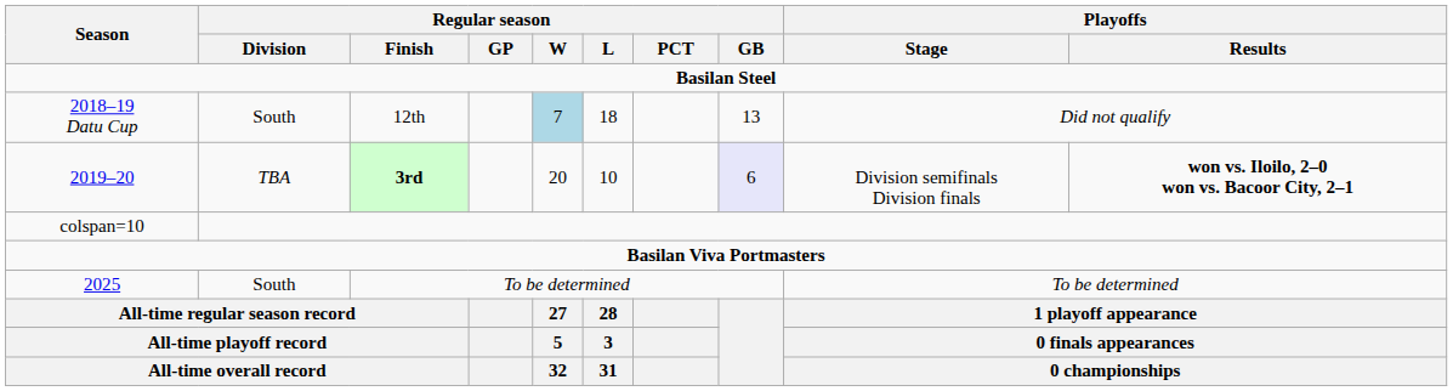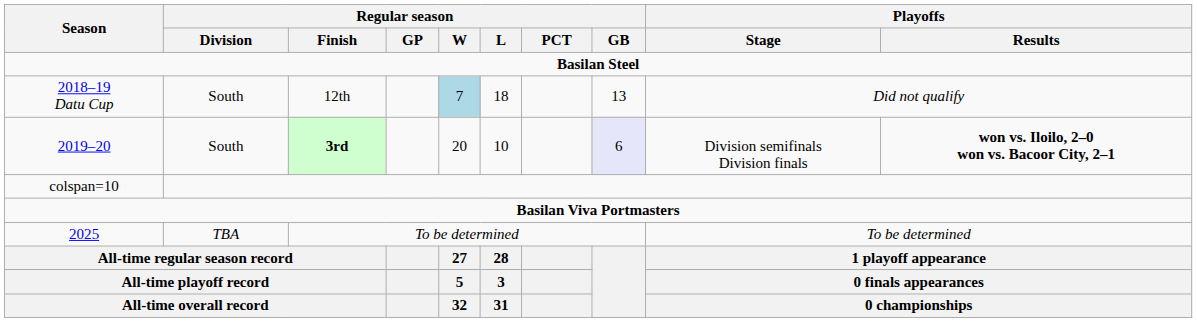 <table class=wikitable style="width:100%; text-align:center">
 <tr>
 <th rowspan="2">Season</th>
 <th colspan="7">Regular season</th>
 <th colspan="2">Playoffs</th>
 </tr>
 <tr>
 <th>Division</th>
 <th>Finish</th>
 <th>GP</th>
 <th>W</th>
 <th>L</th>
 <th>PCT</th>
 <th>GB</th>
 <th>Stage</th>
 <th>Results</th>
 </tr>
 <tr>
 <td colspan=10><span><strong>Basilan Steel</strong></span></td>
 </tr>
 <tr>
 <td><a href='#'>2018–19</a> <br> <em>Datu Cup</em></td>
 <td>South</td>
 <td>12th</td>
 <td></td>
 <td style="background: lightblue;">7</td>
 <td>18</td>
 <td></td>
 <td>13</td>
 <td colspan="2"><em>Did not qualify</em></td>
 </tr>
 <tr>
 <td><a href='#'>2019–20</a> <br> </td>
-<td><em>TBA</em></td>
+<td>South</td>
 <td bgcolor="#CFFFCF"><strong>3rd</strong></td>
 <td></td>
 <td>20</td>
 <td>10</td>
 <td></td>
 <td style="background: lavender;">6</td>
 <td> <br> Division semifinals <br> Division finals</td>
 <td><strong>won vs. Iloilo, 2–0</strong> <br> <strong>won vs. Bacoor City, 2–1</strong> <br> </td>
 </tr>
 <tr>
 <td>colspan=10 </td>
 </tr>
 <tr>
 <td colspan=10><span><strong>Basilan Viva Portmasters</strong></span></td>
 </tr>
 <tr>
 <td><a href='#'>2025</a></td>
-<td>South</td>
+<td><em>TBA</em></td>
 <td colspan=6><em>To be determined</em></td>
 <td colspan=2><em>To be determined</em></td>
 </tr>
 <tr>
 <th colspan=3>All-time regular season record</th>
 <th></th>
 <th>27</th>
 <th>28</th>
 <th></th>
 <th rowspan=3></th>
 <th colspan=2>1 playoff appearance</th>
 </tr>
 <tr>
 <th colspan=3>All-time playoff record</th>
 <th></th>
 <th>5</th>
 <th>3</th>
 <th></th>
 <th colspan=2>0 finals appearances</th>
 </tr>
 <tr>
 <th colspan=3>All-time overall record</th>
 <th></th>
 <th>32</th>
 <th>31</th>
 <th></th>
 <th colspan=2>0 championships</th>
 </tr>
 </table>
